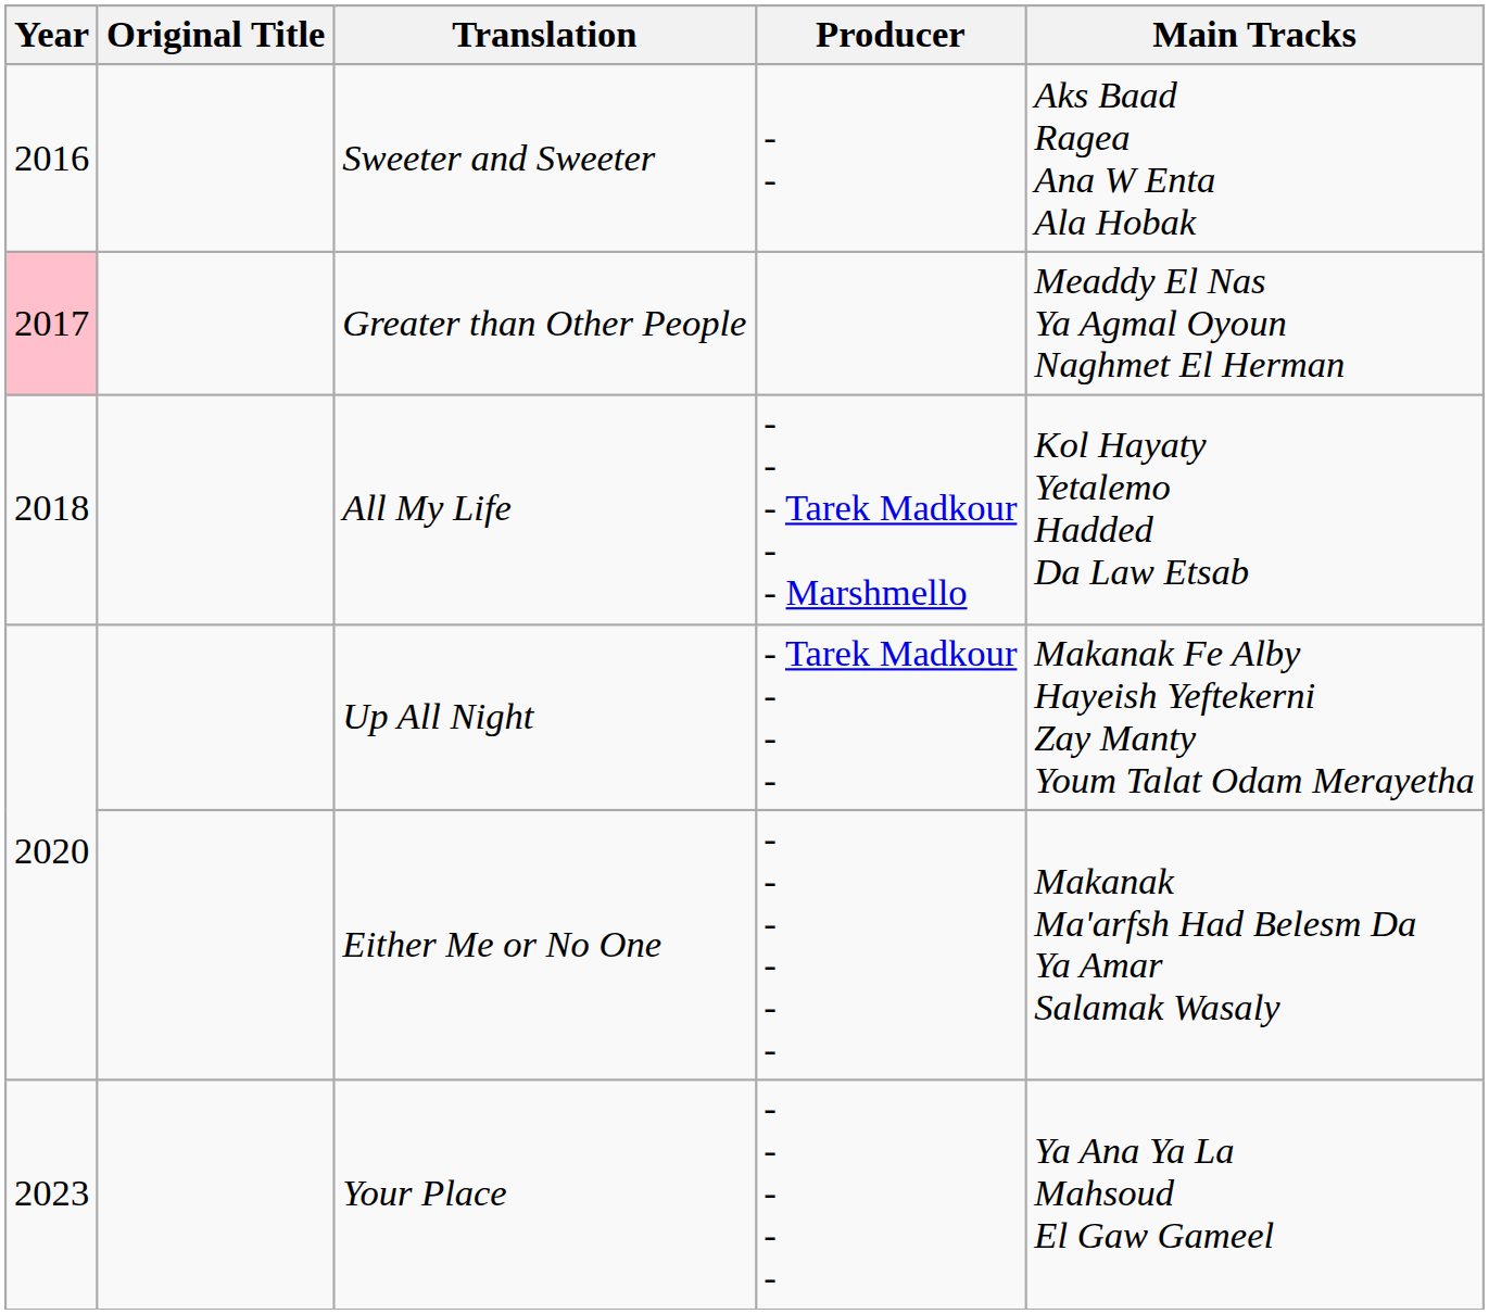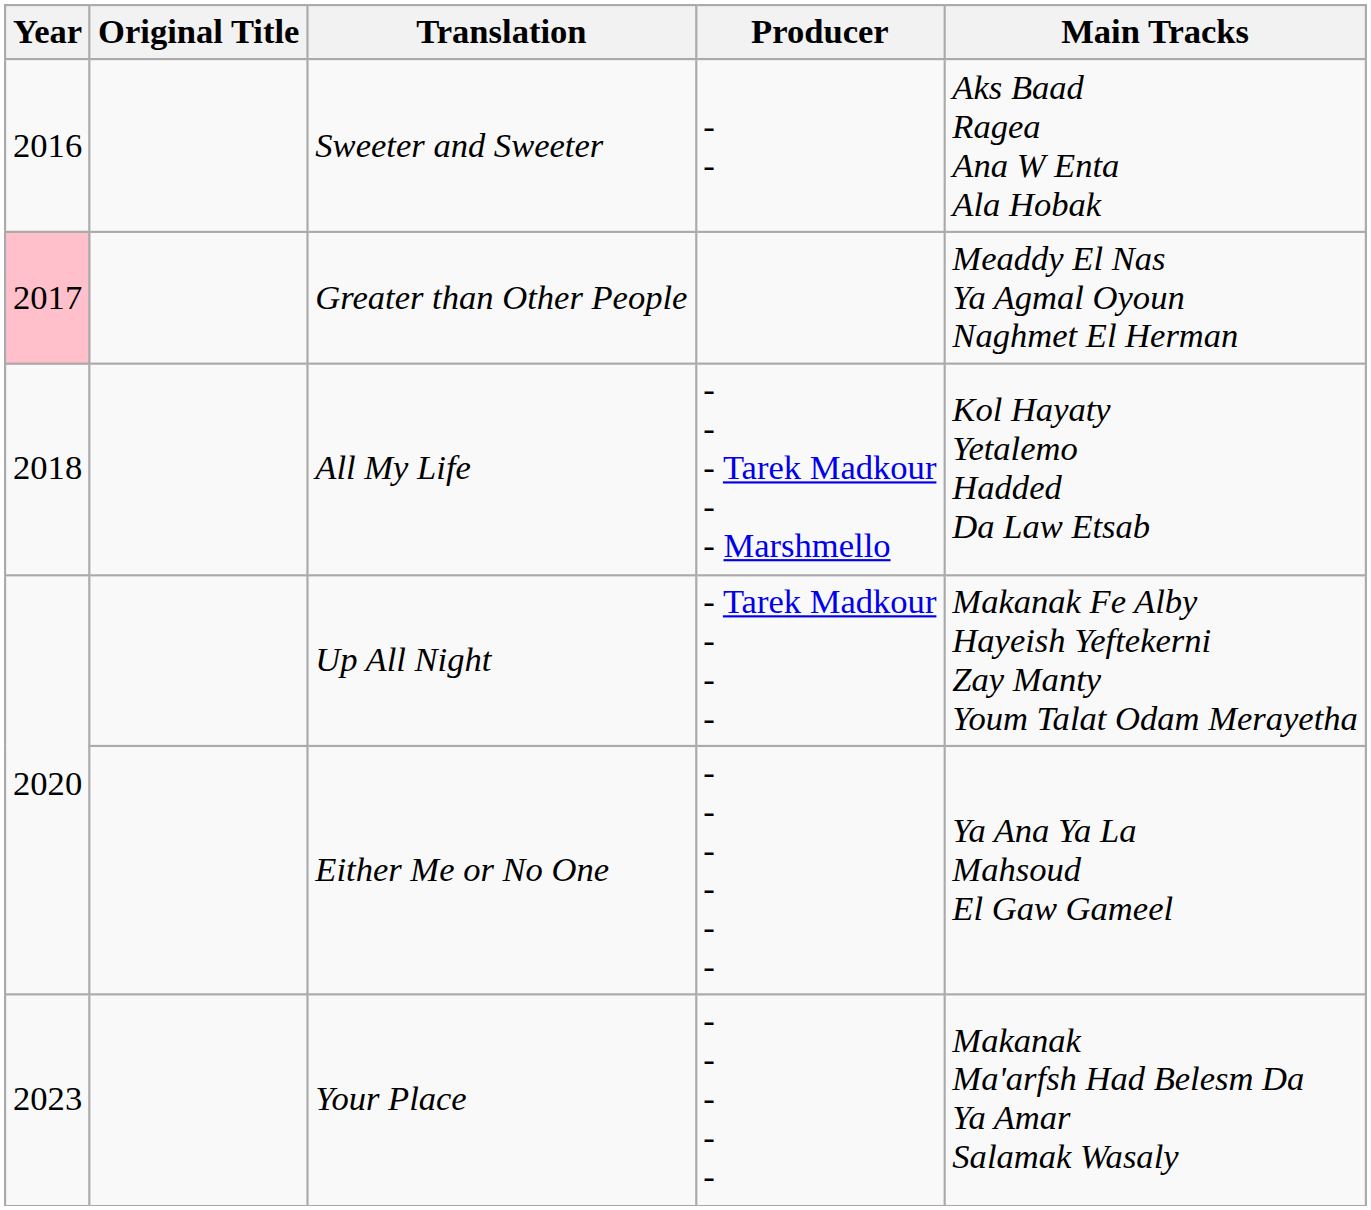 <table class="wikitable sortable" border="2">
 <tr>
 <th scope="col">Year</th>
 <th scope="col">Original Title</th>
 <th scope="col">Translation</th>
 <th scope="col">Producer</th>
 <th scope="col">Main Tracks</th>
 </tr>
 <tr>
 <td>2016</td>
 <td><em></em></td>
 <td><em>Sweeter and Sweeter</em></td>
 <td>- <br>- </td>
 <td><em>Aks Baad</em><br><em>Ragea</em><br><em>Ana W Enta</em><br><em>Ala Hobak</em></td>
 </tr>
 <tr>
 <td style="background: pink;">2017</td>
 <td><em></em></td>
 <td><em>Greater than Other People </em></td>
 <td></td>
 <td><em>Meaddy El Nas</em><br><em>Ya Agmal Oyoun</em><br><em>Naghmet El Herman</em></td>
 </tr>
 <tr>
 <td>2018</td>
 <td><em></em></td>
 <td><em>All My Life</em></td>
 <td>- <br>- <br>- <a href='#'>Tarek Madkour</a><br>- <br>- <a href='#'>Marshmello</a></td>
 <td><em>Kol Hayaty</em><br><em>Yetalemo</em><br> <em>Hadded</em><br> <em>Da Law Etsab</em></td>
 </tr>
 <tr>
 <td rowspan="2">2020</td>
 <td><em></em></td>
 <td><em>Up All Night</em></td>
 <td>- <a href='#'>Tarek Madkour</a><br>- <br>- <br>- </td>
 <td><em>Makanak Fe Alby</em><br><em>Hayeish Yeftekerni</em><br><em>Zay Manty</em><br><em>Youm Talat</em> <em>Odam Merayetha</em></td>
 </tr>
 <tr>
 <td><em></em></td>
 <td><em>Either Me or No One</em></td>
 <td>-  <br>- <br>- <br>-  <br>- <br>- </td>
-<td><em>Makanak</em><br><em>Ma'arfsh Had Belesm Da</em><br><em>Ya Amar</em><br><em>Salamak Wasaly</em></td>
+<td><em>Ya Ana Ya La</em><br><em>Mahsoud</em><br><em>El Gaw Gameel</em></td>
 </tr>
 <tr>
 <td>2023</td>
 <td><em></em></td>
 <td><em>Your Place</em></td>
 <td>- <br>-  <br>- <br>- <br>- </td>
-<td><em>Ya Ana Ya La</em><br><em>Mahsoud</em><br><em>El Gaw Gameel</em></td>
+<td><em>Makanak</em><br><em>Ma'arfsh Had Belesm Da</em><br><em>Ya Amar</em><br><em>Salamak Wasaly</em></td>
 </tr>
 </table>
